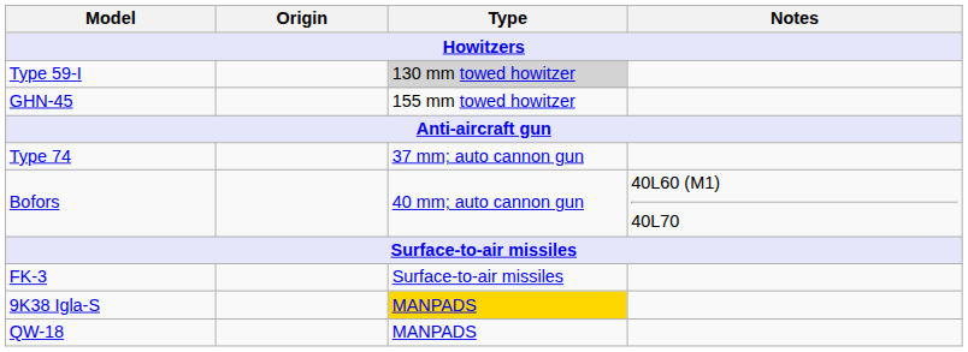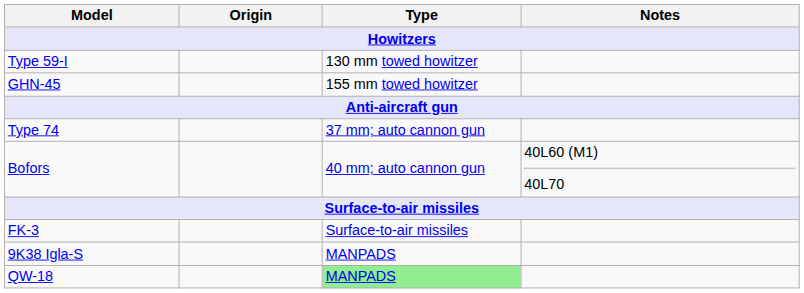 <table class="wikitable";" width="100%">
 <tr>
 <th style="width:22%;">Model</th>
 <th style="width:18%;">Origin</th>
 <th style="width:25%;">Type</th>
 <th>Notes</th>
 </tr>
 <tr>
 <th style="align: centre; background: lavender;" colspan="7"><strong><a href='#'>Howitzers</a></strong></th>
 </tr>
 <tr>
 <td><a href='#'>Type 59-I</a></td>
 <td></td>
-<td style="background: lightgrey;">130 mm <a href='#'>towed howitzer</a></td>
+<td>130 mm <a href='#'>towed howitzer</a></td>
 <td></td>
 </tr>
 <tr>
 <td><a href='#'>GHN-45</a></td>
 <td></td>
 <td>155 mm <a href='#'>towed howitzer</a></td>
 <td></td>
 </tr>
 <tr>
 <th style="align: centre; background: lavender;" colspan="7"><strong><a href='#'>Anti-aircraft gun</a></strong></th>
 </tr>
 <tr>
 <td><a href='#'>Type 74</a></td>
 <td></td>
 <td><a href='#'>37 mm; auto cannon gun</a></td>
 <td></td>
 </tr>
 <tr>
 <td><a href='#'>Bofors</a></td>
 <td></td>
 <td><a href='#'>40 mm; auto cannon gun</a></td>
 <td>40L60 (M1)<hr>40L70</td>
 </tr>
 <tr>
 <th style="align: centre; background: lavender;" colspan="7"><strong><a href='#'>Surface-to-air missiles</a></strong></th>
 </tr>
 <tr>
 <td><a href='#'>FK-3</a></td>
 <td></td>
 <td><a href='#'>Surface-to-air missiles</a></td>
 <td></td>
 </tr>
 <tr>
 <td><a href='#'>9K38 Igla-S</a></td>
 <td></td>
-<td style="background: gold;"><a href='#'>MANPADS</a></td>
+<td><a href='#'>MANPADS</a></td>
 <td></td>
 </tr>
 <tr>
 <td><a href='#'>QW-18</a></td>
 <td></td>
-<td><a href='#'>MANPADS</a></td>
+<td style="background: lightgreen;"><a href='#'>MANPADS</a></td>
 <td></td>
 </tr>
 </table>
